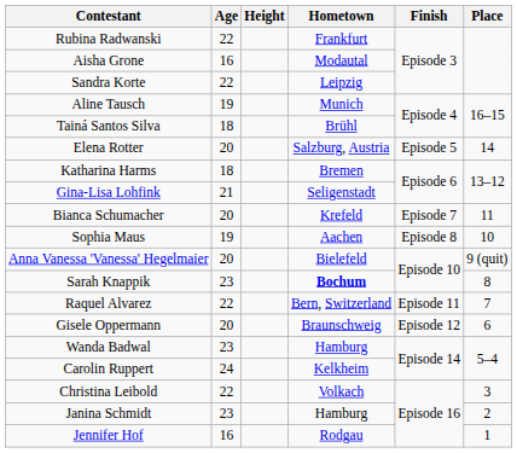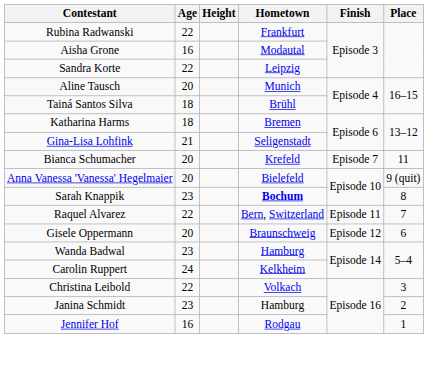 <table class="wikitable sortable" style="text-align:center;">
 <tr>
 <th>Contestant</th>
 <th>Age</th>
 <th>Height</th>
 <th>Hometown</th>
 <th>Finish</th>
 <th>Place</th>
 </tr>
 <tr>
 <td>Rubina Radwanski</td>
 <td>22</td>
 <td></td>
 <td><a href='#'>Frankfurt</a></td>
 <td rowspan="3">Episode 3</td>
 <td rowspan="3"></td>
 </tr>
 <tr>
 <td>Aisha Grone</td>
 <td>16</td>
 <td></td>
 <td><a href='#'>Modautal</a></td>
 </tr>
 <tr>
 <td>Sandra Korte</td>
 <td>22</td>
 <td></td>
 <td><a href='#'>Leipzig</a></td>
 </tr>
 <tr>
 <td>Aline Tausch</td>
-<td>19</td>
+<td>20</td>
 <td></td>
 <td><a href='#'>Munich</a></td>
 <td rowspan="2">Episode 4</td>
 <td rowspan="2">16–15</td>
 </tr>
 <tr>
 <td>Tainá Santos Silva</td>
 <td>18</td>
 <td></td>
 <td><a href='#'>Brühl</a></td>
-</tr>
-<tr>
-<td>Elena Rotter</td>
-<td>20</td>
-<td></td>
-<td><a href='#'>Salzburg</a>, <a href='#'>Austria</a></td>
-<td>Episode 5</td>
-<td>14</td>
 </tr>
 <tr>
 <td>Katharina Harms</td>
 <td>18</td>
 <td></td>
 <td><a href='#'>Bremen</a></td>
 <td rowspan="2">Episode 6</td>
 <td rowspan="2">13–12</td>
 </tr>
 <tr>
 <td><a href='#'>Gina-Lisa Lohfink</a></td>
 <td>21</td>
 <td></td>
 <td><a href='#'>Seligenstadt</a></td>
 </tr>
 <tr>
 <td>Bianca Schumacher</td>
 <td>20</td>
 <td></td>
 <td><a href='#'>Krefeld</a></td>
 <td>Episode 7</td>
 <td>11</td>
-</tr>
-<tr>
-<td>Sophia Maus</td>
-<td>19</td>
-<td></td>
-<td><a href='#'>Aachen</a></td>
-<td>Episode 8</td>
-<td>10</td>
 </tr>
 <tr>
 <td nowrap><a href='#'>Anna Vanessa 'Vanessa' Hegelmaier</a></td>
 <td>20</td>
 <td></td>
 <td><a href='#'>Bielefeld</a></td>
 <td rowspan="2">Episode 10</td>
 <td>9 (quit)</td>
 </tr>
 <tr>
 <td>Sarah Knappik</td>
 <td>23</td>
 <td></td>
 <td><strong><a href='#'>Bochum</a></strong></td>
 <td>8</td>
 </tr>
 <tr>
 <td>Raquel Alvarez</td>
 <td>22</td>
 <td nowrap></td>
 <td nowrap><a href='#'>Bern</a>, <a href='#'>Switzerland</a></td>
 <td nowrap>Episode 11</td>
 <td>7</td>
 </tr>
 <tr>
 <td>Gisele Oppermann</td>
 <td>20</td>
 <td></td>
 <td><a href='#'>Braunschweig</a></td>
 <td>Episode 12</td>
 <td>6</td>
 </tr>
 <tr>
 <td>Wanda Badwal</td>
 <td>23</td>
 <td></td>
 <td><a href='#'>Hamburg</a></td>
 <td rowspan="2">Episode 14</td>
 <td rowspan="2">5–4</td>
 </tr>
 <tr>
 <td>Carolin Ruppert</td>
 <td>24</td>
 <td></td>
 <td><a href='#'>Kelkheim</a></td>
 </tr>
 <tr>
 <td>Christina Leibold</td>
 <td>22</td>
 <td></td>
 <td><a href='#'>Volkach</a></td>
 <td rowspan="3">Episode 16</td>
 <td>3</td>
 </tr>
 <tr>
 <td>Janina Schmidt</td>
 <td>23</td>
 <td></td>
 <td>Hamburg</td>
 <td>2</td>
 </tr>
 <tr>
 <td><a href='#'>Jennifer Hof</a></td>
 <td>16</td>
 <td></td>
 <td><a href='#'>Rodgau</a></td>
 <td>1</td>
 </tr>
 </table>
